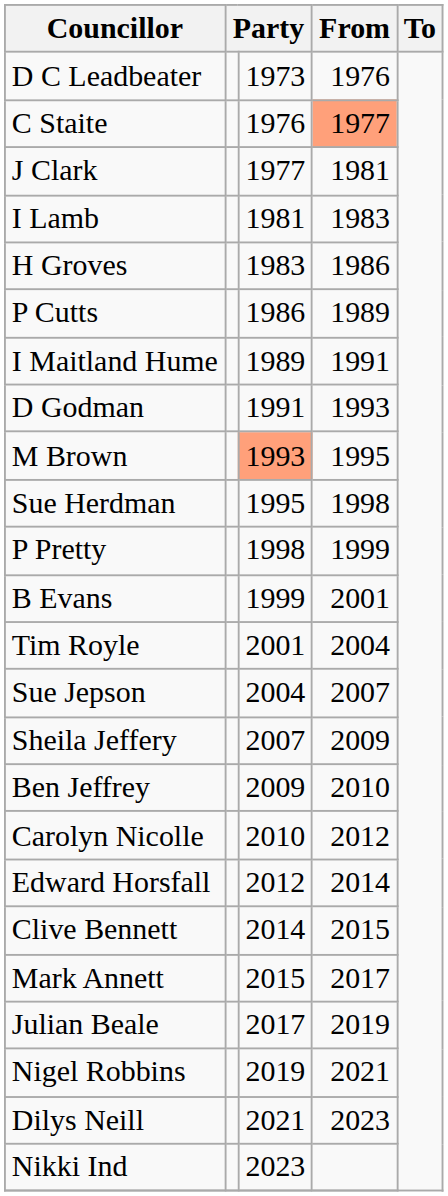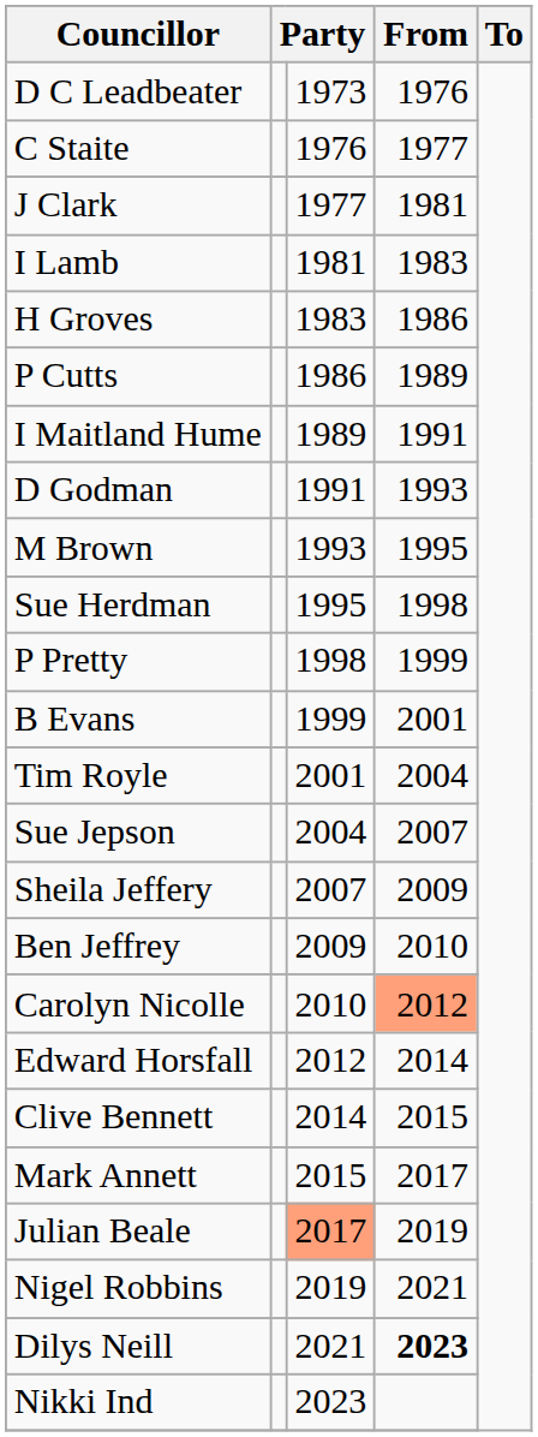 <table class=wikitable>
 <tr>
 <th>Councillor</th>
 <th colspan=2>Party</th>
 <th>From</th>
 <th>To</th>
 </tr>
 <tr>
 <td>D C Leadbeater</td>
 <td></td>
 <td align=right>1973</td>
 <td align=right>1976</td>
 </tr>
 <tr>
 <td>C Staite</td>
 <td></td>
 <td align=right>1976</td>
-<td align=right style="background: lightsalmon;">1977</td>
+<td align=right>1977</td>
 </tr>
 <tr>
 <td>J Clark</td>
 <td></td>
 <td align=right>1977</td>
 <td align=right>1981</td>
 </tr>
 <tr>
 <td>I Lamb</td>
 <td></td>
 <td align=right>1981</td>
 <td align=right>1983</td>
 </tr>
 <tr>
 <td>H Groves</td>
 <td></td>
 <td align=right>1983</td>
 <td align=right>1986</td>
 </tr>
 <tr>
 <td>P Cutts</td>
 <td></td>
 <td align=right>1986</td>
 <td align=right>1989</td>
 </tr>
 <tr>
 <td>I Maitland Hume</td>
 <td></td>
 <td align=right>1989</td>
 <td align=right>1991</td>
 </tr>
 <tr>
 <td>D Godman</td>
 <td></td>
 <td align=right>1991</td>
 <td align=right>1993</td>
 </tr>
 <tr>
 <td>M Brown</td>
 <td></td>
-<td align=right style="background: lightsalmon;">1993</td>
+<td align=right>1993</td>
 <td align=right>1995</td>
 </tr>
 <tr>
 <td>Sue Herdman</td>
 <td></td>
 <td align=right>1995</td>
 <td align=right>1998</td>
 </tr>
 <tr>
 <td>P Pretty</td>
 <td></td>
 <td align=right>1998</td>
 <td align=right>1999</td>
 </tr>
 <tr>
 <td>B Evans</td>
 <td></td>
 <td align=right>1999</td>
 <td align=right>2001</td>
 </tr>
 <tr>
 <td>Tim Royle</td>
 <td></td>
 <td align=right>2001</td>
 <td align=right>2004</td>
 </tr>
 <tr>
 <td>Sue Jepson</td>
 <td></td>
 <td align=right>2004</td>
 <td align=right>2007</td>
 </tr>
 <tr>
 <td>Sheila Jeffery</td>
 <td></td>
 <td align=right>2007</td>
 <td align=right>2009</td>
 </tr>
 <tr>
 <td>Ben Jeffrey</td>
 <td></td>
 <td align=right>2009</td>
 <td align=right>2010</td>
 </tr>
 <tr>
 <td>Carolyn Nicolle</td>
 <td></td>
 <td align=right>2010</td>
-<td align=right>2012</td>
+<td align=right style="background: lightsalmon;">2012</td>
 </tr>
 <tr>
 <td>Edward Horsfall</td>
 <td></td>
 <td align=right>2012</td>
 <td align=right>2014</td>
 </tr>
 <tr>
 <td>Clive Bennett</td>
 <td></td>
 <td align=right>2014</td>
 <td align=right>2015</td>
 </tr>
 <tr>
 <td>Mark Annett</td>
 <td></td>
 <td align=right>2015</td>
 <td align=right>2017</td>
 </tr>
 <tr>
 <td>Julian Beale</td>
 <td></td>
-<td align=right>2017</td>
+<td align=right style="background: lightsalmon;">2017</td>
 <td align=right>2019</td>
 </tr>
 <tr>
 <td>Nigel Robbins</td>
 <td></td>
 <td align=right>2019</td>
 <td align=right>2021</td>
 </tr>
 <tr>
 <td>Dilys Neill</td>
 <td></td>
 <td align=right>2021</td>
-<td align=right>2023</td>
+<td align=right><strong>2023</strong></td>
 </tr>
 <tr>
 <td>Nikki Ind</td>
 <td></td>
 <td align=right>2023</td>
 <td align=right></td>
 </tr>
 <tr>
 </tr>
 </table>
